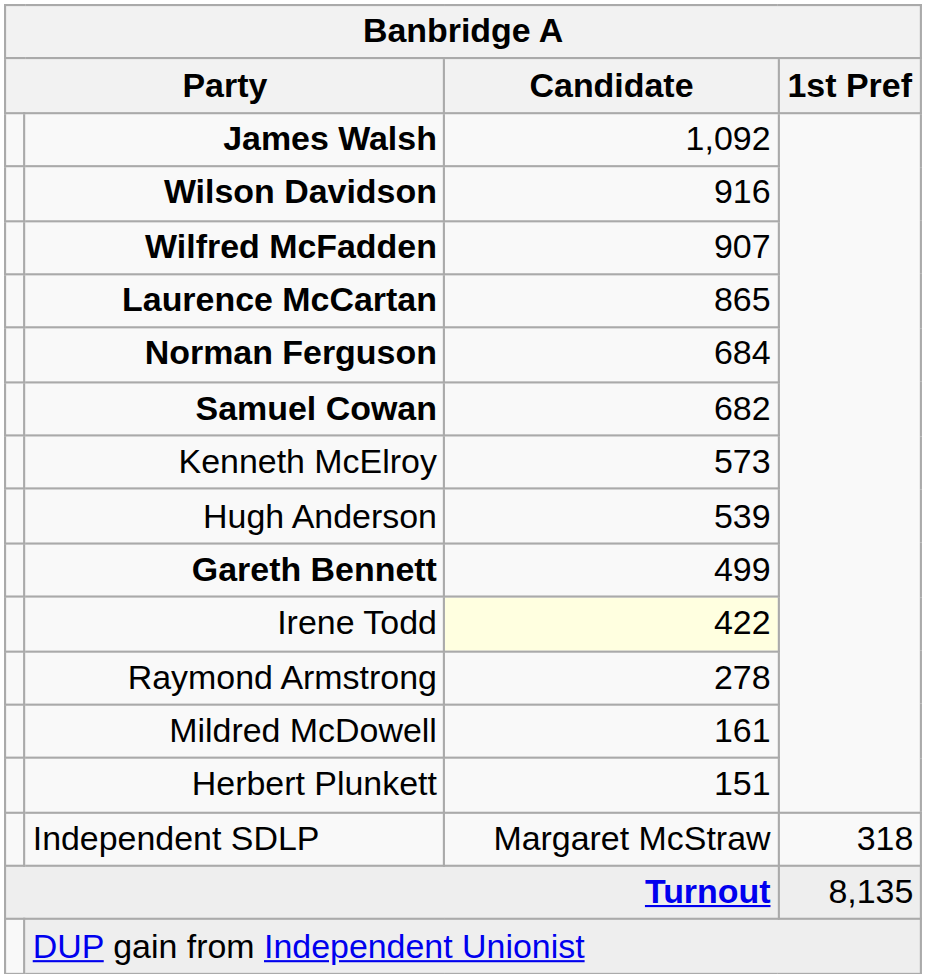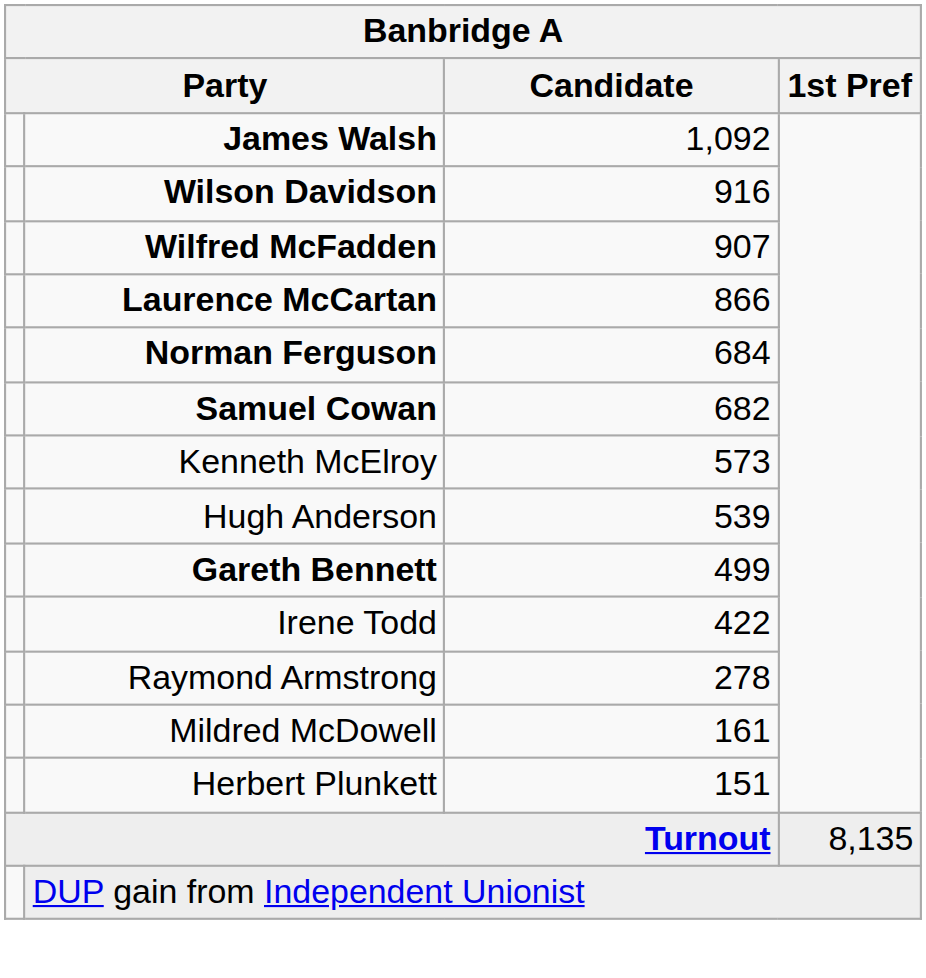 <table class="wikitable">
 <tr>
 <th colspan="4" align="center">Banbridge A</th>
 </tr>
 <tr>
 <th colspan="2" align="center" width=200>Party</th>
 <th width=150>Candidate</th>
 <th width=60>1st Pref</th>
 </tr>
 <tr>
 <td></td>
 <td align="right"><strong>James Walsh</strong></td>
 <td align="right">1,092</td>
 </tr>
 <tr>
 <td></td>
 <td align="right"><strong>Wilson Davidson</strong></td>
 <td align="right">916</td>
 </tr>
 <tr>
 <td></td>
 <td align="right"><strong>Wilfred McFadden</strong></td>
 <td align="right">907</td>
 </tr>
 <tr>
 <td></td>
 <td align="right"><strong>Laurence McCartan</strong></td>
-<td align="right">865</td>
+<td align="right">866</td>
 </tr>
 <tr>
 <td></td>
 <td align="right"><strong>Norman Ferguson</strong></td>
 <td align="right">684</td>
 </tr>
 <tr>
 <td></td>
 <td align="right"><strong>Samuel Cowan</strong></td>
 <td align="right">682</td>
 </tr>
 <tr>
 <td></td>
 <td align="right">Kenneth McElroy</td>
 <td align="right">573</td>
 </tr>
 <tr>
 <td></td>
 <td align="right">Hugh Anderson</td>
 <td align="right">539</td>
 </tr>
 <tr>
 <td></td>
 <td align="right"><strong>Gareth Bennett</strong></td>
 <td align="right">499</td>
 </tr>
 <tr>
 <td></td>
 <td align="right">Irene Todd</td>
-<td align="right" style="background: lightyellow;">422</td>
+<td align="right">422</td>
 </tr>
 <tr>
 <td></td>
 <td align="right">Raymond Armstrong</td>
 <td align="right">278</td>
 </tr>
 <tr>
 <td></td>
 <td align="right">Mildred McDowell</td>
 <td align="right">161</td>
 </tr>
 <tr>
 <td></td>
 <td align="right">Herbert Plunkett</td>
 <td align="right">151</td>
 </tr>
-<tr>
-<td style="background-color: "></td>
-<td>Independent SDLP</td>
-<td align="right">Margaret McStraw</td>
-<td align="right">318</td>
-</tr>
 <tr bgcolor="EEEEEE">
 <td colspan=3 align="right"><strong><a href='#'>Turnout</a></strong></td>
 <td align="right">8,135</td>
 </tr>
 <tr>
 <td bgcolor=></td>
 <td colspan=3 bgcolor="EEEEEE"><a href='#'>DUP</a> gain from <a href='#'>Independent Unionist</a></td>
 </tr>
 </table>
